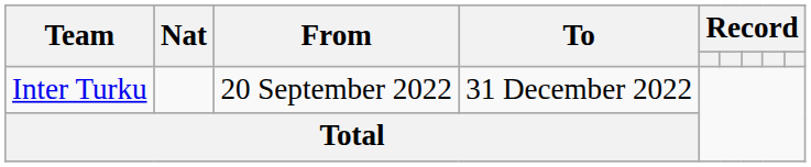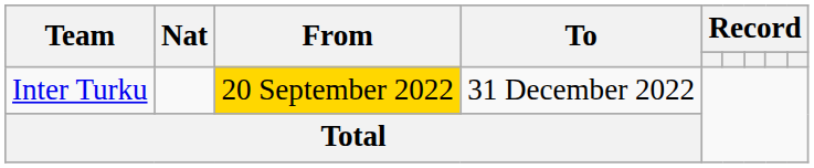 <table class="wikitable" style="text-align: center">
 <tr>
 <th rowspan=2>Team</th>
 <th rowspan=2>Nat</th>
 <th rowspan=2>From</th>
 <th rowspan=2>To</th>
 <th colspan=8>Record</th>
 </tr>
 <tr>
 <th></th>
 <th></th>
 <th></th>
 <th></th>
 <th></th>
 </tr>
 <tr>
 <td align=left><a href='#'>Inter Turku</a></td>
 <td></td>
-<td align=left>20 September 2022</td>
+<td align=left style="background: gold;">20 September 2022</td>
 <td align=left>31 December 2022<br></td>
 </tr>
 <tr>
 <th colspan=4>Total<br></th>
 </tr>
 </table>
